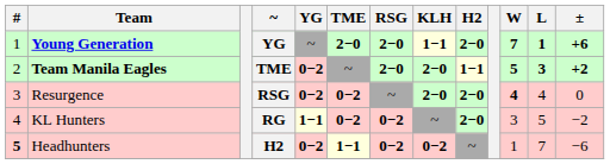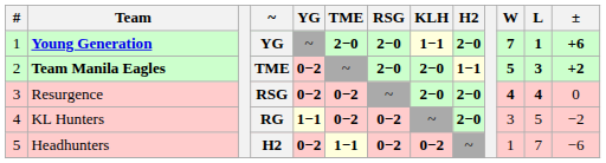 <table class="wikitable" style="font-size: 95%; text-align: center">
 <tr>
 <th style="width:15px;">#</th>
 <th style="width:200px;">Team</th>
 <th rowspan="12" style="width:5px;;"></th>
 <th>~</th>
 <th>YG</th>
 <th style="width:35px;" title="">TME</th>
 <th style="width:35px;" title="">RSG</th>
 <th style="width:35px;" title="">KLH</th>
 <th>H2</th>
 <th rowspan="12" style="width:5px;;"></th>
 <th style="width:20px;" title="Wins">W</th>
 <th style="width:20px;" title="Losses">L</th>
 <th style="width:40px;">±</th>
 </tr>
 <tr style="background:#cfc;">
 <td>1</td>
 <td style="text-align: left"> <strong><a href='#'>Young Generation</a></strong></td>
 <th>YG</th>
 <td style="background:#aaa;">~</td>
 <td style="background:#cfc;"><strong>2−0</strong></td>
 <td style="background:#cfc;"><strong>2−0</strong></td>
 <td style="background:#ffd;"><strong>1−1</strong></td>
 <td style="background:#cfc;"><strong>2−0</strong></td>
 <td><strong>7</strong></td>
 <td><strong>1</strong></td>
 <td><strong>+6</strong></td>
 </tr>
 <tr style="background:#cfc;">
 <td>2</td>
 <td style="text-align: left"> <strong>Team Manila Eagles</strong></td>
 <th>TME</th>
 <td style="background:#fcc;"><strong>0−2</strong></td>
 <td style="background:#aaa;">~</td>
 <td style="background:#cfc;"><strong>2−0</strong></td>
 <td style="background:#cfc;"><strong>2−0</strong></td>
 <td style="background:#ffd;"><strong>1−1</strong></td>
 <td><strong>5</strong></td>
 <td><strong>3</strong></td>
 <td><strong>+2</strong></td>
 </tr>
 <tr style="background:#fcc;">
 <td>3</td>
 <td style="text-align: left"> Resurgence</td>
 <th>RSG</th>
 <td style="background:#fcc;"><strong>0−2</strong></td>
 <td style="background:#fcc;"><strong>0−2</strong></td>
 <td style="background:#aaa;">~</td>
 <td style="background:#cfc;"><strong>2−0</strong></td>
 <td style="background:#cfc;"><strong>2−0</strong></td>
 <td><strong>4</strong></td>
-<td>4</td>
+<td><strong>4</strong></td>
 <td>0</td>
 </tr>
 <tr style="background:#fcc;">
 <td>4</td>
 <td style="text-align: left"> ⁠KL Hunters</td>
 <th>RG</th>
 <td style="background:#ffd;"><strong>1−1</strong></td>
 <td style="background:#fcc;"><strong>0−2</strong></td>
 <td style="background:#fcc;"><strong>0−2</strong></td>
 <td style="background:#aaa;">~</td>
 <td style="background:#cfc;"><strong>2−0</strong></td>
 <td>3</td>
 <td>5</td>
 <td>−2</td>
 </tr>
 <tr style="background:#fcc;">
-<td><strong>5</strong></td>
+<td>5</td>
 <td style="text-align: left"> ⁠Headhunters</td>
 <th>H2</th>
 <td style="background:#fcc;"><strong>0−2</strong></td>
 <td style="background:#ffd;"><strong>1−1</strong></td>
 <td style="background:#fcc;"><strong>0−2</strong></td>
 <td style="background:#fcc;"><strong>0−2</strong></td>
 <td style="background:#aaa;">~</td>
 <td>1</td>
 <td>7</td>
 <td>−6</td>
 </tr>
 <tr>
 </tr>
 </table>
